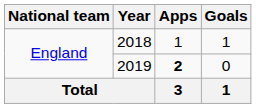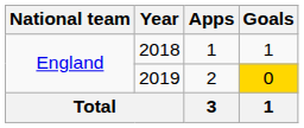 <table class="wikitable" style="text-align:center">
 <tr>
 <th>National team</th>
 <th>Year</th>
 <th>Apps</th>
 <th>Goals</th>
 </tr>
 <tr>
 <td rowspan="2"><a href='#'>England</a></td>
 <td>2018</td>
 <td>1</td>
 <td>1</td>
 </tr>
 <tr>
 <td>2019</td>
-<td><strong>2</strong></td>
-<td>0</td>
+<td>2</td>
+<td style="background: gold;">0</td>
 </tr>
 <tr>
 <th colspan="2">Total</th>
 <th>3</th>
 <th>1</th>
 </tr>
 </table>
